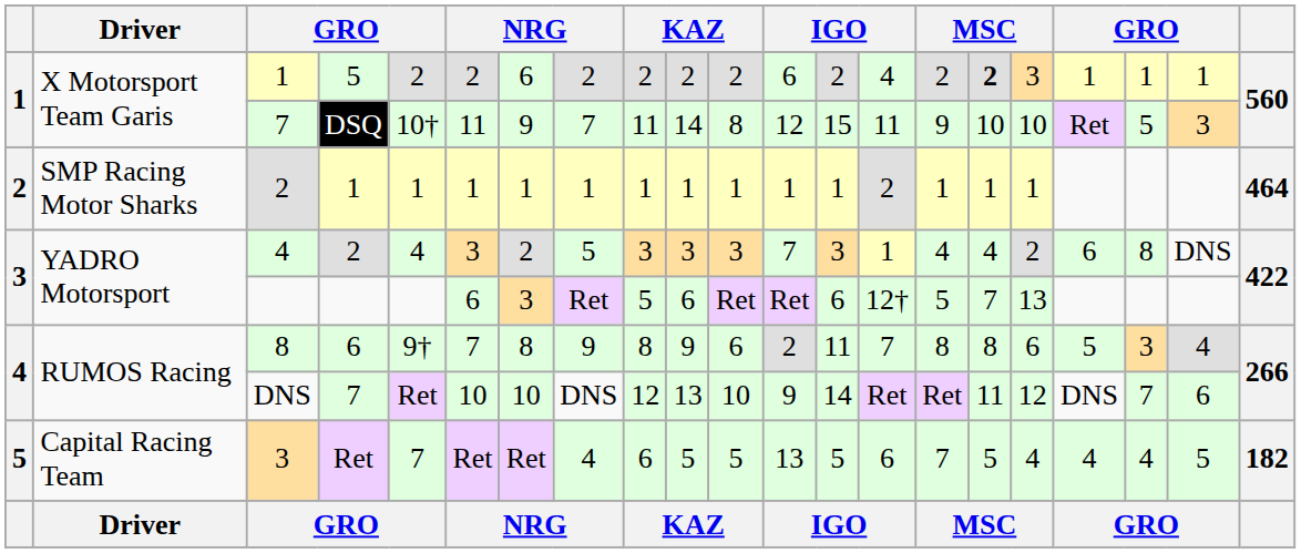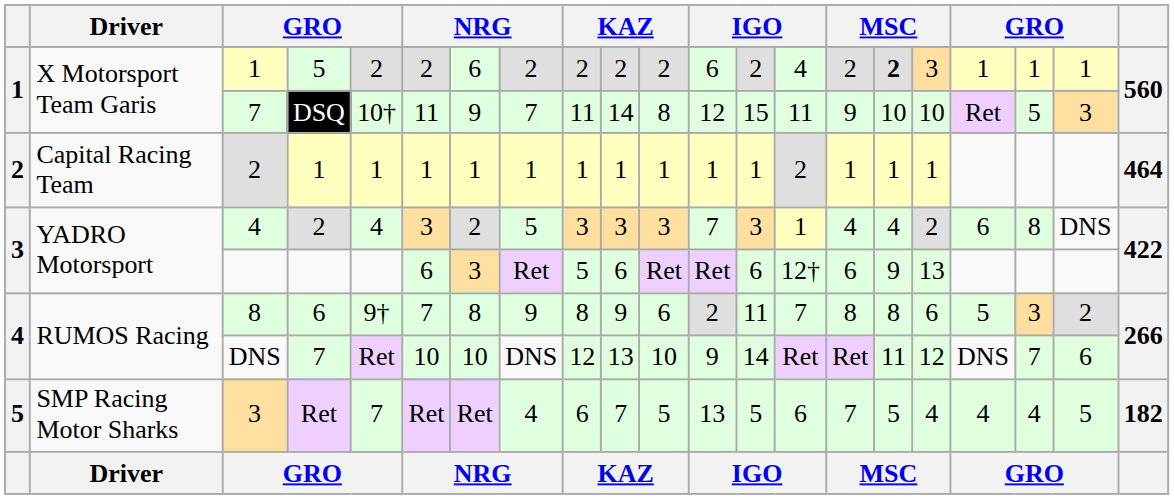 <table align=left| class="wikitable" style="font-size: 85%; text-align: center">
 <tr valign="top">
 <th valign="middle"></th>
 <th valign="middle">Driver</th>
 <th colspan=3><a href='#'>GRO</a></th>
 <th colspan=3><a href='#'>NRG</a></th>
 <th colspan=3><a href='#'>KAZ</a></th>
 <th colspan=3><a href='#'>IGO</a></th>
 <th colspan=3><a href='#'>MSC</a></th>
 <th colspan=3><a href='#'>GRO</a></th>
 <th valign="middle"></th>
 </tr>
 <tr>
 <th rowspan="2">1</th>
 <td rowspan="2" align=left>X Motorsport Team Garis</td>
 <td style="background:#ffffbf;">1</td>
 <td style="background:#dfffdf;">5</td>
 <td style="background:#dfdfdf;">2</td>
 <td style="background:#dfdfdf;">2</td>
 <td style="background:#dfffdf;">6</td>
 <td style="background:#dfdfdf;">2</td>
 <td style="background:#dfdfdf;">2</td>
 <td style="background:#dfdfdf;">2</td>
 <td style="background:#dfdfdf;">2</td>
 <td style="background:#dfffdf;">6</td>
 <td style="background:#dfdfdf;">2</td>
 <td style="background:#dfffdf;">4</td>
 <td style="background:#dfdfdf;">2</td>
 <td style="background:#dfdfdf;"><strong>2</strong></td>
 <td style="background:#ffdf9f;">3</td>
 <td style="background:#ffffbf;">1</td>
 <td style="background:#ffffbf;">1</td>
 <td style="background:#ffffbf;">1</td>
 <th rowspan="2">560</th>
 </tr>
 <tr>
 <td style="background:#dfffdf;">7</td>
 <td style="background-color:#000000;color:white">DSQ</td>
 <td style="background:#dfffdf;">10†</td>
 <td style="background:#dfffdf;">11</td>
 <td style="background:#dfffdf;">9</td>
 <td style="background:#dfffdf;">7</td>
 <td style="background:#dfffdf;">11</td>
 <td style="background:#dfffdf;">14</td>
 <td style="background:#dfffdf;">8</td>
 <td style="background:#dfffdf;">12</td>
 <td style="background:#dfffdf;">15</td>
 <td style="background:#dfffdf;">11</td>
 <td style="background:#dfffdf;">9</td>
 <td style="background:#dfffdf;">10</td>
 <td style="background:#dfffdf;">10</td>
 <td style="background:#efcfff;">Ret</td>
 <td style="background:#dfffdf;">5</td>
 <td style="background:#ffdf9f;">3</td>
 </tr>
 <tr>
 <th>2</th>
-<td align=left>SMP Racing Motor Sharks</td>
+<td align=left>Capital Racing Team</td>
 <td style="background:#dfdfdf;">2</td>
 <td style="background:#ffffbf;">1</td>
 <td style="background:#ffffbf;">1</td>
 <td style="background:#ffffbf;">1</td>
 <td style="background:#ffffbf;">1</td>
 <td style="background:#ffffbf;">1</td>
 <td style="background:#ffffbf;">1</td>
 <td style="background:#ffffbf;">1</td>
 <td style="background:#ffffbf;">1</td>
 <td style="background:#ffffbf;">1</td>
 <td style="background:#ffffbf;">1</td>
 <td style="background:#dfdfdf;">2</td>
 <td style="background:#ffffbf;">1</td>
 <td style="background:#ffffbf;">1</td>
 <td style="background:#ffffbf;">1</td>
 <td></td>
 <td></td>
 <td></td>
 <th>464</th>
 </tr>
 <tr>
 <th rowspan="2">3</th>
 <td rowspan="2" align=left>YADRO Motorsport</td>
 <td style="background:#dfffdf;">4</td>
 <td style="background:#dfdfdf;">2</td>
 <td style="background:#dfffdf;">4</td>
 <td style="background:#ffdf9f;">3</td>
 <td style="background:#dfdfdf;">2</td>
 <td style="background:#dfffdf;">5</td>
 <td style="background:#ffdf9f;">3</td>
 <td style="background:#ffdf9f;">3</td>
 <td style="background:#ffdf9f;">3</td>
 <td style="background:#dfffdf;">7</td>
 <td style="background:#ffdf9f;">3</td>
 <td style="background:#ffffbf;">1</td>
 <td style="background:#dfffdf;">4</td>
 <td style="background:#dfffdf;">4</td>
 <td style="background:#dfdfdf;">2</td>
 <td style="background:#dfffdf;">6</td>
 <td style="background:#dfffdf;">8</td>
 <td>DNS</td>
 <th rowspan="2">422</th>
 </tr>
 <tr>
 <td></td>
 <td></td>
 <td></td>
 <td style="background:#dfffdf;">6</td>
 <td style="background:#ffdf9f;">3</td>
 <td style="background:#efcfff;">Ret</td>
 <td style="background:#dfffdf;">5</td>
 <td style="background:#dfffdf;">6</td>
 <td style="background:#efcfff;">Ret</td>
 <td style="background:#efcfff;">Ret</td>
 <td style="background:#dfffdf;">6</td>
 <td style="background:#dfffdf;">12†</td>
-<td style="background:#dfffdf;">5</td>
-<td style="background:#dfffdf;">7</td>
+<td style="background:#dfffdf;">6</td>
+<td style="background:#dfffdf;">9</td>
 <td style="background:#dfffdf;">13</td>
 <td></td>
 <td></td>
 <td></td>
 </tr>
 <tr>
 <th rowspan="2">4</th>
 <td rowspan="2" align=left>RUMOS Racing</td>
 <td style="background:#dfffdf;">8</td>
 <td style="background:#dfffdf;">6</td>
 <td style="background:#dfffdf;">9†</td>
 <td style="background:#dfffdf;">7</td>
 <td style="background:#dfffdf;">8</td>
 <td style="background:#dfffdf;">9</td>
 <td style="background:#dfffdf;">8</td>
 <td style="background:#dfffdf;">9</td>
 <td style="background:#dfffdf;">6</td>
 <td style="background:#dfdfdf;">2</td>
 <td style="background:#dfffdf;">11</td>
 <td style="background:#dfffdf;">7</td>
 <td style="background:#dfffdf;">8</td>
 <td style="background:#dfffdf;">8</td>
 <td style="background:#dfffdf;">6</td>
 <td style="background:#dfffdf;">5</td>
 <td style="background:#ffdf9f;">3</td>
-<td style="background:#dfdfdf;">4</td>
+<td style="background:#dfdfdf;">2</td>
 <th rowspan="2">266</th>
 </tr>
 <tr>
 <td>DNS</td>
 <td style="background:#dfffdf;">7</td>
 <td style="background:#efcfff;">Ret</td>
 <td style="background:#dfffdf;">10</td>
 <td style="background:#dfffdf;">10</td>
 <td>DNS</td>
 <td style="background:#dfffdf;">12</td>
 <td style="background:#dfffdf;">13</td>
 <td style="background:#dfffdf;">10</td>
 <td style="background:#dfffdf;">9</td>
 <td style="background:#dfffdf;">14</td>
 <td style="background:#efcfff;">Ret</td>
 <td style="background:#efcfff;">Ret</td>
 <td style="background:#dfffdf;">11</td>
 <td style="background:#dfffdf;">12</td>
 <td>DNS</td>
 <td style="background:#dfffdf;">7</td>
 <td style="background:#dfffdf;">6</td>
 </tr>
 <tr>
 <th>5</th>
-<td align=left>Capital Racing Team</td>
+<td align=left>SMP Racing Motor Sharks</td>
 <td style="background:#ffdf9f;">3</td>
 <td style="background:#efcfff;">Ret</td>
 <td style="background:#dfffdf;">7</td>
 <td style="background:#efcfff;">Ret</td>
 <td style="background:#efcfff;">Ret</td>
 <td style="background:#dfffdf;">4</td>
 <td style="background:#dfffdf;">6</td>
-<td style="background:#dfffdf;">5</td>
+<td style="background:#dfffdf;">7</td>
 <td style="background:#dfffdf;">5</td>
 <td style="background:#dfffdf;">13</td>
 <td style="background:#dfffdf;">5</td>
 <td style="background:#dfffdf;">6</td>
 <td style="background:#dfffdf;">7</td>
 <td style="background:#dfffdf;">5</td>
 <td style="background:#dfffdf;">4</td>
 <td style="background:#dfffdf;">4</td>
 <td style="background:#dfffdf;"> 4 </td>
 <td style="background:#dfffdf;">5</td>
 <th>182</th>
 </tr>
 <tr>
 <th valign="middle"></th>
 <th valign="middle">Driver</th>
 <th colspan=3><a href='#'>GRO</a></th>
 <th colspan=3><a href='#'>NRG</a></th>
 <th colspan=3><a href='#'>KAZ</a></th>
 <th colspan=3><a href='#'>IGO</a></th>
 <th colspan=3><a href='#'>MSC</a></th>
 <th colspan=3><a href='#'>GRO</a></th>
 <th valign="middle"></th>
 </tr>
 </table>
